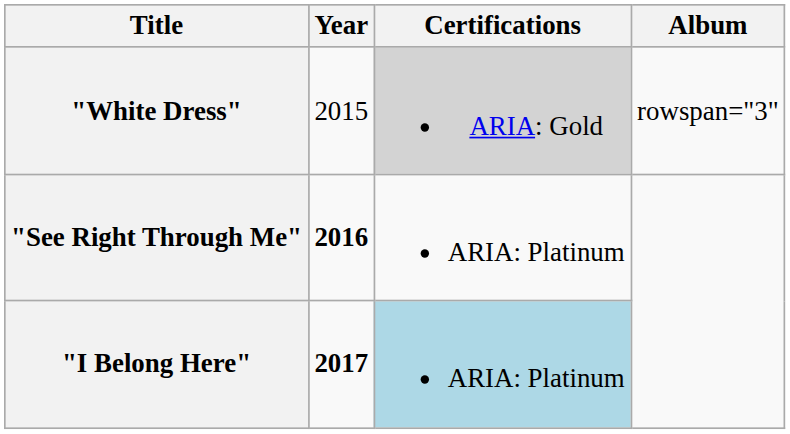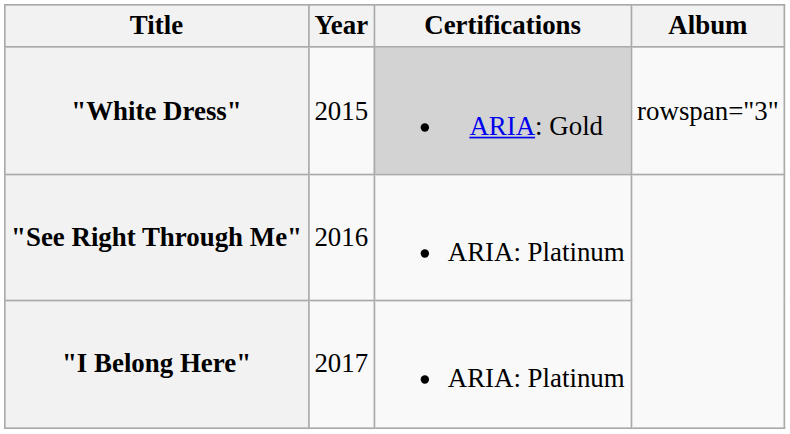 <table class="wikitable plainrowheaders" style="text-align:center;">
 <tr>
 <th>Title</th>
 <th>Year</th>
 <th>Certifications</th>
 <th>Album</th>
 </tr>
 <tr>
 <th scope="row">"White Dress"<br></th>
 <td>2015</td>
 <td style="background: lightgrey;"><br><ul><li><a href='#'>ARIA</a>: Gold</li></ul></td>
 <td>rowspan="3" </td>
 </tr>
 <tr>
 <th scope="row">"See Right Through Me"</th>
-<td><strong>2016</strong></td>
+<td>2016</td>
 <td><br><ul><li>ARIA: Platinum</li></ul></td>
 </tr>
 <tr>
 <th scope="row">"I Belong Here"<br></th>
-<td><strong>2017</strong></td>
-<td style="background: lightblue;"><br><ul><li>ARIA: Platinum</li></ul></td>
+<td>2017</td>
+<td><br><ul><li>ARIA: Platinum</li></ul></td>
 </tr>
 </table>
